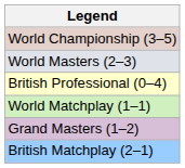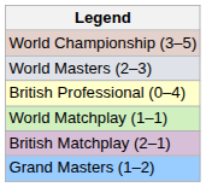 <table class="wikitable">
 <tr>
 <th>Legend</th>
 </tr>
 <tr style="background:#e5d1cb;">
 <td>World Championship (3–5)</td>
 </tr>
 <tr style="background:#dfe2e9;">
 <td>World Masters (2–3)</td>
 </tr>
 <tr style="background:#ffc;">
 <td>British Professional (0–4)</td>
 </tr>
 <tr style="background:#d0f0c0;">
 <td>World Matchplay (1–1)</td>
 </tr>
 <tr style="background:thistle">
+<td>British Matchplay (2–1)</td>
+</tr>
+<tr style="background:#9cf;">
 <td>Grand Masters (1–2)</td>
 </tr>
-<tr style="background:#9cf;">
-<td>British Matchplay (2–1)</td>
-</tr>
 </table>
